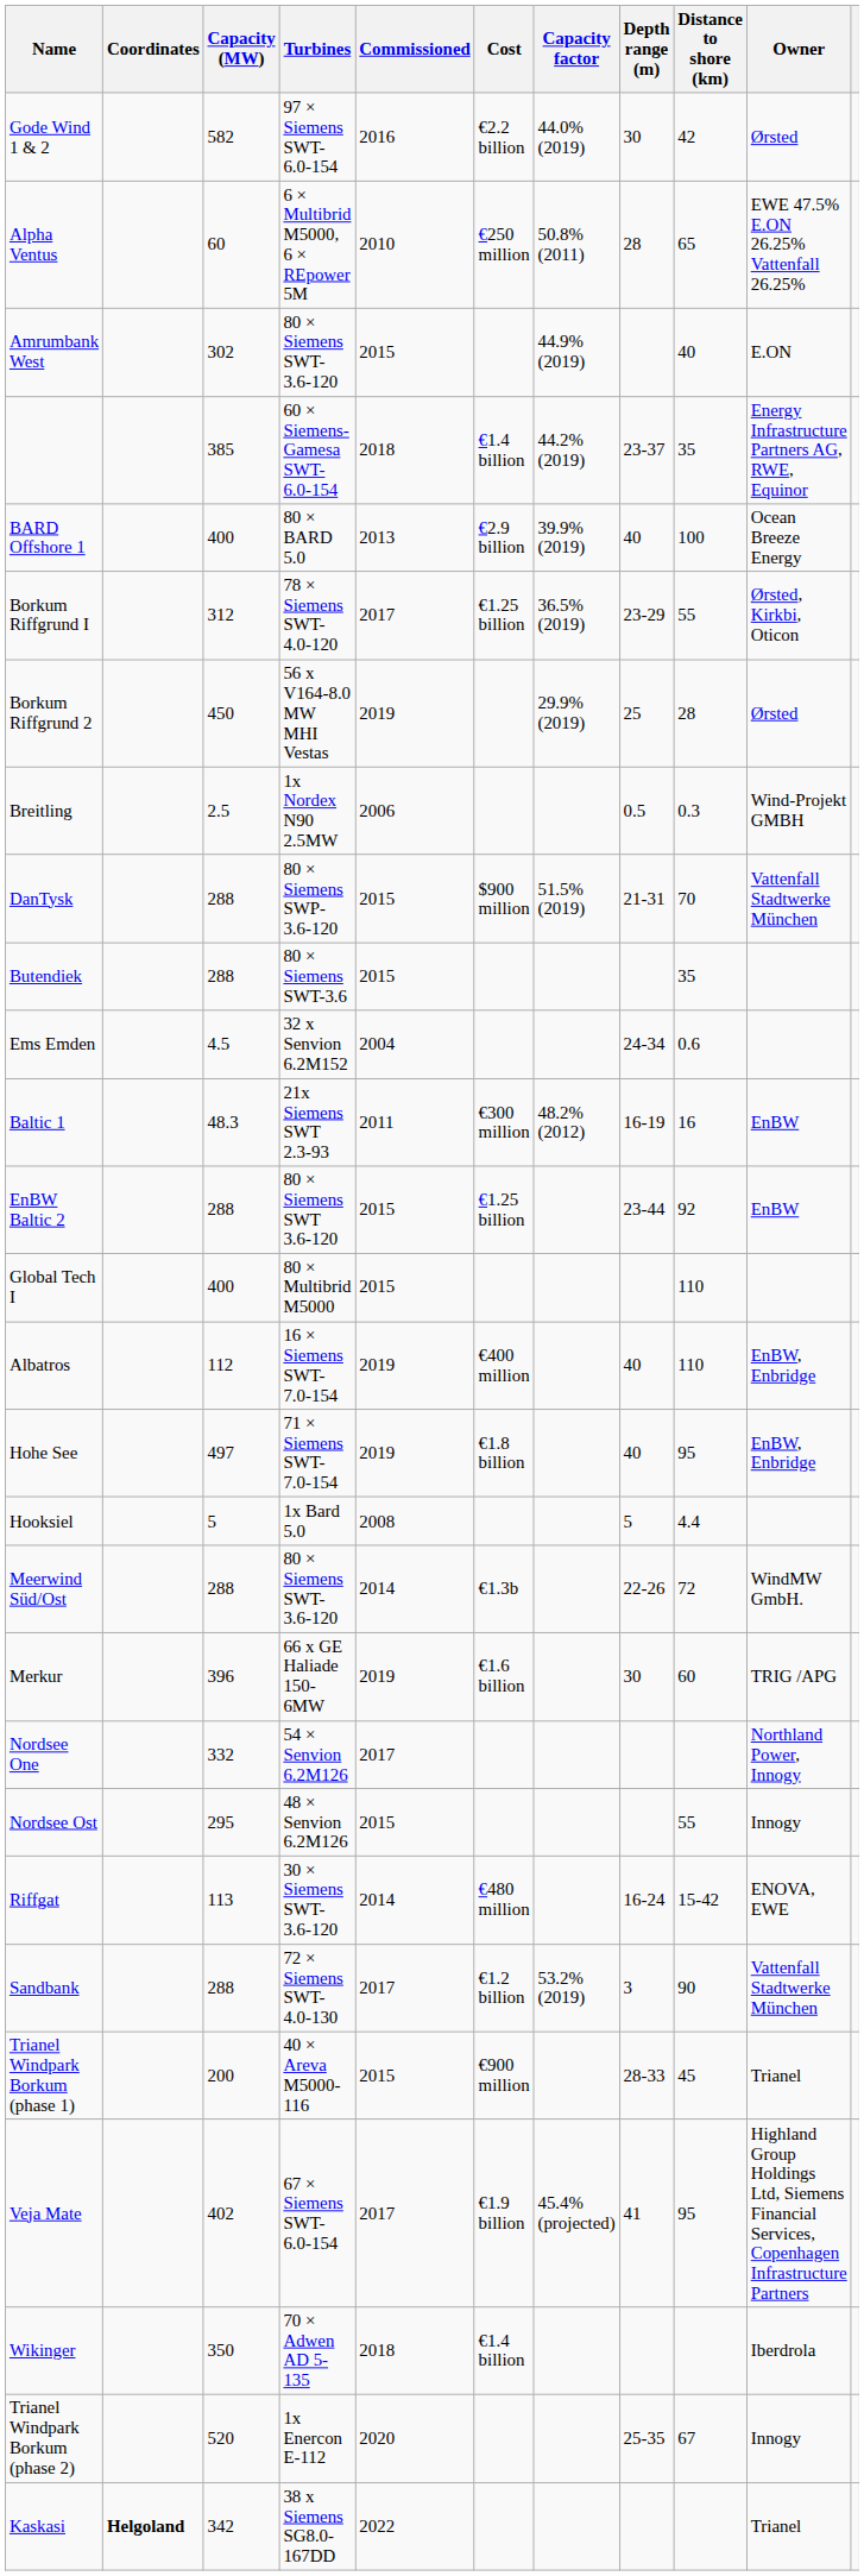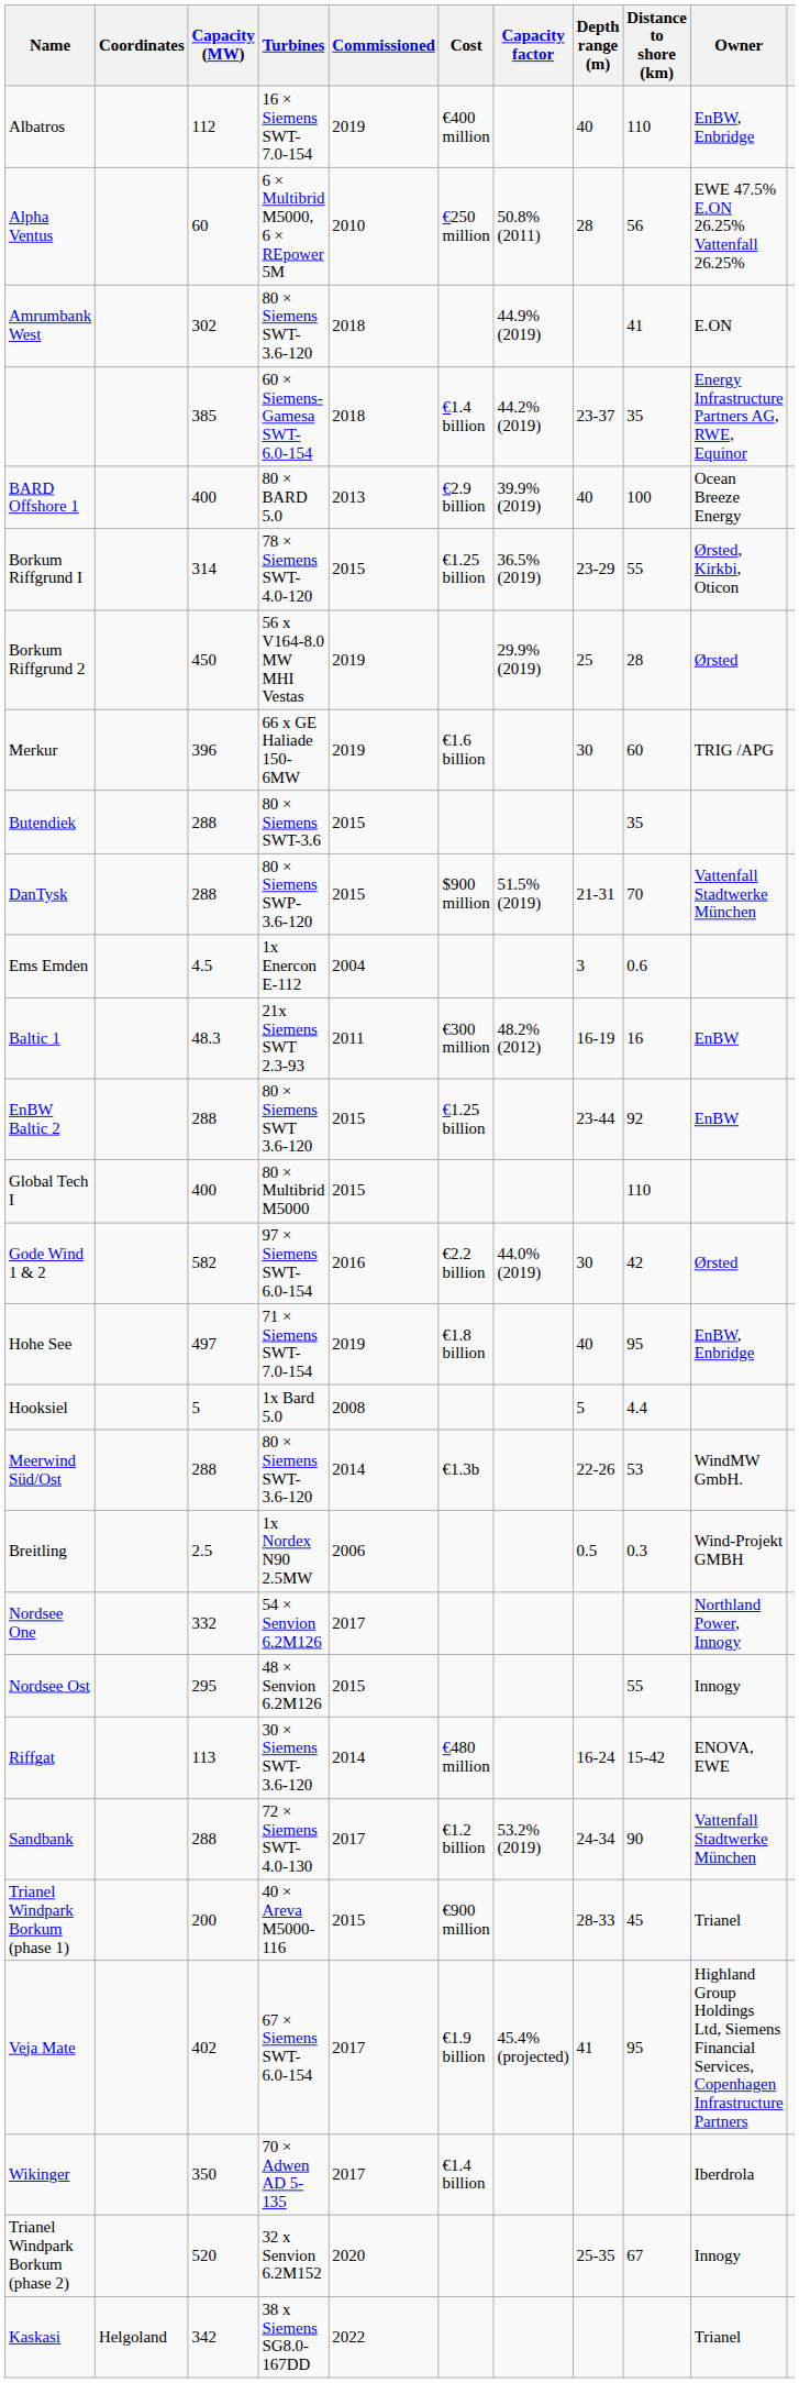 <table class="wikitable sortable">
 <tr>
 <th>Name</th>
 <th>Coordinates</th>
 <th><a href='#'>Capacity</a><br> (<a href='#'>MW</a>)</th>
 <th><a href='#'>Turbines</a></th>
 <th><a href='#'>Commissioned</a></th>
 <th>Cost</th>
 <th><a href='#'>Capacity factor</a></th>
 <th>Depth range <br>(m)</th>
 <th>Distance to <br>shore (km)</th>
 <th>Owner</th>
 <th></th>
 </tr>
 <tr>
-<td><a href='#'>Gode Wind</a> 1 & 2</td>
+<td>Albatros</td>
 <td></td>
-<td>582</td>
-<td>97 × <a href='#'>Siemens</a> SWT-6.0-154</td>
-<td>2016</td>
-<td>€2.2 billion</td>
-<td>44.0%<br>(2019)</td>
-<td>30</td>
-<td>42</td>
-<td><a href='#'>Ørsted</a></td>
+<td>112</td>
+<td>16 × <a href='#'>Siemens</a> SWT-7.0-154</td>
+<td>2019</td>
+<td>€400 million</td>
 <td></td>
+<td>40</td>
+<td>110<br></td>
+<td><a href='#'>EnBW</a>, <a href='#'>Enbridge</a></td>
+<td><br></td>
 </tr>
 <tr>
 <td><a href='#'>Alpha Ventus</a></td>
 <td></td>
 <td>60</td>
 <td>6 × <a href='#'>Multibrid</a> M5000,<br> 6 × <a href='#'>REpower</a> 5M</td>
 <td>2010</td>
 <td><a href='#'>€</a>250 million</td>
 <td>50.8% (2011)</td>
 <td>28</td>
-<td>65</td>
+<td>56</td>
 <td>EWE 47.5%<br><a href='#'>E.ON</a> 26.25%<br><a href='#'>Vattenfall</a> 26.25%</td>
 <td></td>
 </tr>
 <tr>
 <td><a href='#'>Amrumbank West</a></td>
 <td></td>
 <td>302</td>
 <td>80 × <a href='#'>Siemens</a> SWT-3.6-120</td>
-<td>2015</td>
+<td>2018</td>
 <td></td>
 <td>44.9%<br>(2019)</td>
 <td></td>
-<td>40</td>
+<td>41</td>
 <td>E.ON</td>
 <td></td>
 </tr>
 <tr>
 <td></td>
 <td></td>
 <td>385</td>
 <td>60 × <a href='#'>Siemens-Gamesa SWT-6.0-154</a></td>
 <td>2018</td>
 <td><a href='#'>€</a>1.4 billion</td>
 <td>44.2%<br>(2019)</td>
 <td>23-37</td>
 <td>35</td>
 <td><a href='#'>Energy Infrastructure Partners AG</a>, <a href='#'>RWE</a>, <a href='#'>Equinor</a></td>
 <td></td>
 </tr>
 <tr>
 <td><a href='#'>BARD Offshore 1</a></td>
 <td></td>
 <td>400</td>
 <td>80 × BARD 5.0</td>
 <td>2013</td>
 <td><a href='#'>€</a>2.9 billion</td>
 <td>39.9%<br>(2019)</td>
 <td>40</td>
 <td>100</td>
 <td>Ocean Breeze Energy</td>
 <td></td>
 </tr>
 <tr>
 <td>Borkum Riffgrund I</td>
 <td></td>
-<td>312</td>
+<td>314</td>
 <td>78 × <a href='#'>Siemens</a> SWT-4.0-120</td>
-<td>2017</td>
+<td>2015</td>
 <td>€1.25 billion</td>
 <td>36.5%<br>(2019)</td>
 <td>23-29</td>
 <td>55</td>
 <td><a href='#'>Ørsted</a>, <a href='#'>Kirkbi</a>, Oticon</td>
 <td></td>
 </tr>
 <tr>
 <td>Borkum Riffgrund 2</td>
 <td></td>
 <td>450</td>
 <td>56 x V164-8.0 MW MHI Vestas</td>
 <td>2019</td>
 <td></td>
 <td>29.9%<br>(2019)</td>
 <td>25</td>
 <td>28</td>
 <td><a href='#'>Ørsted</a></td>
 <td></td>
 </tr>
 <tr>
-<td>Breitling</td>
+<td>Merkur</td>
 <td></td>
-<td>2.5</td>
-<td>1x <a href='#'>Nordex</a> N90 2.5MW</td>
-<td>2006</td>
+<td>396</td>
+<td>66 x GE Haliade 150-6MW</td>
+<td>2019</td>
+<td>€1.6 billion</td>
+<td></td>
+<td>30</td>
+<td>60</td>
+<td>TRIG /APG</td>
+<td><br>  </td>
+</tr>
+<tr>
+<td><a href='#'>Butendiek</a></td>
+<td></td>
+<td>288</td>
+<td>80 × <a href='#'>Siemens</a> SWT-3.6</td>
+<td>2015</td>
 <td></td>
 <td></td>
-<td>0.5</td>
-<td>0.3</td>
-<td>Wind-Projekt GMBH</td>
+<td></td>
+<td>35</td>
+<td></td>
 <td></td>
 </tr>
 <tr>
 <td><a href='#'>DanTysk</a></td>
 <td></td>
 <td>288</td>
 <td>80 × <a href='#'>Siemens</a> SWP-3.6-120</td>
 <td>2015</td>
 <td>$900 million</td>
 <td>51.5%<br>(2019)</td>
 <td>21-31</td>
 <td>70</td>
 <td><a href='#'>Vattenfall</a><br><a href='#'>Stadtwerke München</a></td>
 <td></td>
 </tr>
 <tr>
-<td><a href='#'>Butendiek</a></td>
-<td></td>
-<td>288</td>
-<td>80 × <a href='#'>Siemens</a> SWT-3.6</td>
-<td>2015</td>
-<td></td>
-<td></td>
-<td></td>
-<td>35</td>
-<td></td>
-<td></td>
-</tr>
-<tr>
 <td>Ems Emden</td>
 <td></td>
 <td>4.5</td>
-<td>32 x Senvion 6.2M152</td>
+<td>1x Enercon E-112</td>
 <td>2004</td>
 <td></td>
 <td></td>
-<td>24-34</td>
+<td>3</td>
 <td>0.6</td>
 <td></td>
 <td></td>
 </tr>
 <tr>
 <td><a href='#'>Baltic 1</a></td>
 <td></td>
 <td>48.3</td>
 <td>21x <a href='#'>Siemens</a> SWT 2.3-93</td>
 <td>2011</td>
 <td>€300 million</td>
 <td>48.2% (2012)</td>
 <td>16-19</td>
 <td>16</td>
 <td><a href='#'>EnBW</a></td>
 <td></td>
 </tr>
 <tr>
 <td><a href='#'>EnBW Baltic 2</a></td>
 <td></td>
 <td>288</td>
 <td>80 × <a href='#'>Siemens</a> SWT 3.6-120</td>
 <td>2015</td>
 <td><a href='#'>€</a>1.25 billion</td>
 <td></td>
 <td>23-44</td>
 <td>92</td>
 <td><a href='#'>EnBW</a></td>
 <td></td>
 </tr>
 <tr>
 <td>Global Tech I</td>
 <td></td>
 <td>400</td>
 <td>80 × Multibrid M5000</td>
 <td>2015</td>
 <td></td>
 <td></td>
 <td></td>
 <td>110</td>
 <td></td>
 <td></td>
 </tr>
 <tr>
-<td>Albatros</td>
+<td><a href='#'>Gode Wind</a> 1 & 2</td>
 <td></td>
-<td>112</td>
-<td>16 × <a href='#'>Siemens</a> SWT-7.0-154</td>
-<td>2019</td>
-<td>€400 million</td>
+<td>582</td>
+<td>97 × <a href='#'>Siemens</a> SWT-6.0-154</td>
+<td>2016</td>
+<td>€2.2 billion</td>
+<td>44.0%<br>(2019)</td>
+<td>30</td>
+<td>42</td>
+<td><a href='#'>Ørsted</a></td>
 <td></td>
-<td>40</td>
-<td>110<br></td>
-<td><a href='#'>EnBW</a>, <a href='#'>Enbridge</a></td>
-<td><br></td>
 </tr>
 <tr>
 <td>Hohe See</td>
 <td></td>
 <td>497</td>
 <td>71 × <a href='#'>Siemens</a> SWT-7.0-154</td>
 <td>2019</td>
 <td>€1.8 billion</td>
 <td></td>
 <td>40</td>
 <td>95</td>
 <td><a href='#'>EnBW</a>, <a href='#'>Enbridge</a></td>
 <td></td>
 </tr>
 <tr>
 <td>Hooksiel</td>
 <td></td>
 <td>5</td>
 <td>1x Bard 5.0</td>
 <td>2008</td>
 <td></td>
 <td></td>
 <td>5</td>
 <td>4.4</td>
 <td></td>
 <td></td>
 </tr>
 <tr>
 <td><a href='#'>Meerwind Süd/Ost</a></td>
 <td></td>
 <td>288</td>
 <td>80 × <a href='#'>Siemens</a> SWT-3.6-120</td>
 <td>2014</td>
 <td>€1.3b</td>
 <td></td>
 <td>22-26</td>
-<td>72</td>
+<td>53</td>
 <td>WindMW GmbH.</td>
 <td></td>
 </tr>
 <tr>
-<td>Merkur</td>
+<td>Breitling</td>
 <td></td>
-<td>396</td>
-<td>66 x GE Haliade 150-6MW</td>
-<td>2019</td>
-<td>€1.6 billion</td>
+<td>2.5</td>
+<td>1x <a href='#'>Nordex</a> N90 2.5MW</td>
+<td>2006</td>
 <td></td>
-<td>30</td>
-<td>60</td>
-<td>TRIG /APG</td>
-<td><br>  </td>
+<td></td>
+<td>0.5</td>
+<td>0.3</td>
+<td>Wind-Projekt GMBH</td>
+<td></td>
 </tr>
 <tr>
 <td><a href='#'>Nordsee One</a></td>
 <td></td>
 <td>332</td>
 <td>54 × <a href='#'>Senvion 6.2M126</a></td>
 <td>2017</td>
 <td></td>
 <td></td>
 <td></td>
 <td></td>
 <td><a href='#'>Northland Power</a>, <a href='#'>Innogy</a></td>
 <td></td>
 </tr>
 <tr>
 <td><a href='#'>Nordsee Ost</a></td>
 <td></td>
 <td>295</td>
 <td>48 × Senvion 6.2M126</td>
 <td>2015</td>
 <td></td>
 <td></td>
 <td></td>
 <td>55</td>
 <td>Innogy</td>
 <td></td>
 </tr>
 <tr>
 <td><a href='#'>Riffgat</a></td>
 <td></td>
 <td>113</td>
 <td>30 × <a href='#'>Siemens</a> SWT-3.6-120</td>
 <td>2014</td>
 <td><a href='#'>€</a>480 million</td>
 <td></td>
 <td>16-24</td>
 <td>15-42</td>
 <td>ENOVA, EWE</td>
 <td></td>
 </tr>
 <tr>
 <td><a href='#'>Sandbank</a></td>
 <td></td>
 <td>288</td>
 <td>72 × <a href='#'>Siemens</a> SWT-4.0-130</td>
 <td>2017</td>
 <td>€1.2 billion</td>
 <td>53.2%<br>(2019)</td>
-<td>3</td>
+<td>24-34</td>
 <td>90</td>
 <td><a href='#'>Vattenfall</a><br><a href='#'>Stadtwerke München</a></td>
 <td></td>
 </tr>
 <tr>
 <td><a href='#'>Trianel Windpark Borkum</a> (phase 1)</td>
 <td></td>
 <td>200</td>
 <td>40 × <a href='#'>Areva</a> M5000-116</td>
 <td>2015</td>
 <td>€900 million</td>
 <td></td>
 <td>28-33</td>
 <td>45</td>
 <td>Trianel</td>
 <td></td>
 </tr>
 <tr>
 <td><a href='#'>Veja Mate</a></td>
 <td></td>
 <td>402</td>
 <td>67 × <a href='#'>Siemens</a> SWT-6.0-154</td>
 <td>2017</td>
 <td>€1.9 billion</td>
 <td>45.4% (projected)</td>
 <td>41</td>
 <td>95</td>
 <td>Highland Group Holdings Ltd, Siemens Financial Services, <a href='#'>Copenhagen Infrastructure Partners</a></td>
 <td></td>
 </tr>
 <tr>
 <td><a href='#'>Wikinger</a></td>
 <td></td>
 <td>350</td>
 <td>70 × <a href='#'>Adwen AD 5-135</a></td>
-<td>2018</td>
+<td>2017</td>
 <td>€1.4 billion</td>
 <td></td>
 <td></td>
 <td></td>
 <td>Iberdrola</td>
 <td></td>
 </tr>
 <tr>
 <td>Trianel Windpark Borkum<br>(phase 2)</td>
 <td></td>
 <td>520</td>
-<td>1x Enercon E-112</td>
+<td>32 x Senvion 6.2M152</td>
 <td>2020</td>
 <td></td>
 <td></td>
 <td>25-35</td>
 <td>67</td>
 <td>Innogy</td>
 <td></td>
 </tr>
 <tr>
 <td><a href='#'>Kaskasi</a></td>
-<td><strong>Helgoland</strong></td>
+<td>Helgoland</td>
 <td>342</td>
 <td>38 x <a href='#'>Siemens</a> SG8.0-167DD</td>
 <td>2022</td>
 <td></td>
 <td></td>
 <td></td>
 <td></td>
 <td>Trianel</td>
 <td></td>
 </tr>
 </table>
